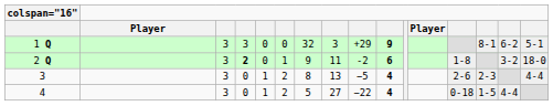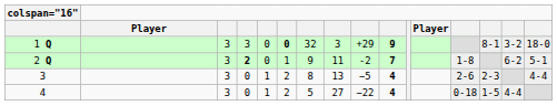 <table class=wikitable style=text-align:center>
 <tr>
 <th>colspan="16" </th>
 </tr>
 <tr>
 <th width=20 abbr=Position></th>
 <th width=175>Player</th>
 <th width=20 abbr=Played></th>
 <th width=20 abbr=Won></th>
 <th width=20 abbr=Drawn></th>
 <th width=20 abbr=Lost></th>
 <th width=30 abbr=Points for></th>
 <th width=30 abbr=Points against></th>
 <th width=30 abbr=Points difference></th>
 <th width=30 abbr=Points></th>
 <th rowspan="5" abbr=H2H></th>
 <th>Player</th>
 <th></th>
 <th></th>
 <th></th>
 <th></th>
 </tr>
 <tr bgcolor=#CCFFCC>
 <td>1 <strong>Q</strong></td>
 <td align=left><strong></strong></td>
 <td>3</td>
 <td>3</td>
 <td>0</td>
-<td>0</td>
+<td><strong>0</strong></td>
 <td>32</td>
 <td>3</td>
 <td>+29</td>
 <td><strong>9</strong></td>
 <td></td>
 <td bgcolor="#dddddd"> </td>
 <td bgcolor="#efefef">8-1</td>
-<td bgcolor="#efefef">6-2</td>
-<td bgcolor="#efefef">5-1</td>
+<td bgcolor="#efefef">3-2</td>
+<td bgcolor="#efefef">18-0</td>
 </tr>
 <tr bgcolor=#CCFFCC>
 <td>2 <strong>Q</strong> </td>
 <td align=left><strong></strong></td>
 <td>3</td>
 <td><strong>2</strong></td>
 <td>0</td>
 <td>1</td>
 <td>9</td>
 <td>11</td>
 <td>-2</td>
-<td><strong>6</strong></td>
+<td><strong>7</strong></td>
 <td></td>
 <td bgcolor="#efefef">1-8</td>
 <td bgcolor="#dddddd"> </td>
-<td bgcolor="#efefef">3-2</td>
-<td bgcolor="#efefef">18-0</td>
+<td bgcolor="#efefef">6-2</td>
+<td bgcolor="#efefef">5-1</td>
 </tr>
 <tr>
 <td>3 </td>
 <td align=left></td>
 <td>3</td>
 <td>0</td>
 <td>1</td>
 <td>2</td>
 <td>8</td>
 <td>13</td>
 <td>−5</td>
 <td><strong>4</strong></td>
 <td></td>
 <td bgcolor="#efefef">2-6</td>
 <td bgcolor="#efefef">2-3</td>
 <td bgcolor="#dddddd"> </td>
 <td bgcolor="#efefef">4-4</td>
 </tr>
 <tr>
 <td>4 </td>
 <td align=left></td>
 <td>3</td>
 <td>0</td>
 <td>1</td>
 <td>2</td>
 <td>5</td>
 <td>27</td>
 <td>−22</td>
 <td><strong>4</strong></td>
 <td></td>
 <td bgcolor="#efefef">0-18</td>
 <td bgcolor="#efefef">1-5</td>
 <td bgcolor="#efefef">4-4</td>
 <td bgcolor="#dddddd"> </td>
 </tr>
 </table>
